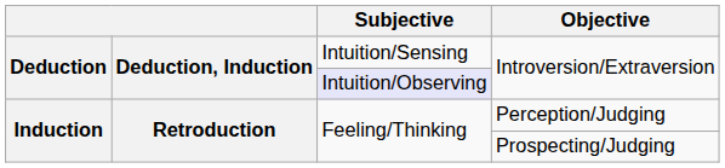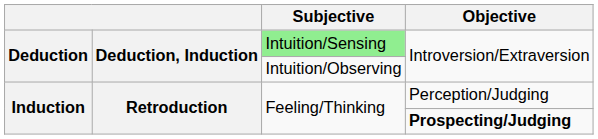 <table class="wikitable floatright">
 <tr>
 <th colspan="2"></th>
 <th>Subjective</th>
 <th>Objective</th>
 </tr>
 <tr>
 <th rowspan="2">Deduction</th>
 <th rowspan="2">Deduction, Induction</th>
-<td>I<span>n</span>tuition/<span>S</span>ensing</td>
+<td style="background: lightgreen;">I<span>n</span>tuition/<span>S</span>ensing</td>
 <td rowspan="2"><span>I</span>ntroversion/<span>E</span>xtraversion</td>
 </tr>
 <tr>
-<td style="background: lavender;">I<span>n</span>tuition/Ob<span>s</span>erving</td>
+<td>I<span>n</span>tuition/Ob<span>s</span>erving</td>
 </tr>
 <tr>
 <th rowspan="2">Induction</th>
 <th rowspan="2">Retroduction</th>
 <td rowspan="2"><span>F</span>eeling/<span>T</span>hinking</td>
 <td><span>P</span>erception/<span>J</span>udging</td>
 </tr>
 <tr>
-<td><span>P</span>rospecting/<span>J</span>udging</td>
+<td><strong><span>P</span>rospecting/<span>J</span>udging</strong></td>
 </tr>
 </table>
